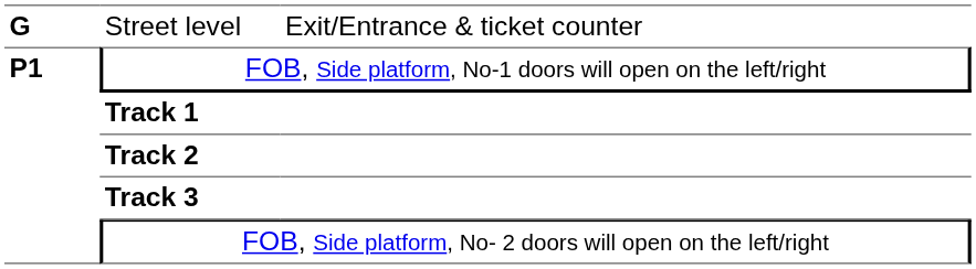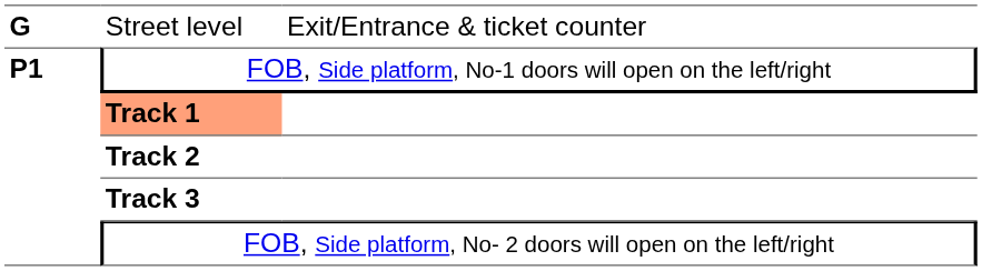 <table table border=0 cellspacing=0 cellpadding=3>
 <tr>
 <td style="border-top:solid 1px gray;" width=50 valign=top><strong>G</strong></td>
 <td style="border-top:solid 1px gray;" width=100 valign=top>Street level</td>
 <td style="border-top:solid 1px gray;" width=400 valign=top>Exit/Entrance & ticket counter</td>
 </tr>
 <tr>
 <td style="border-top:solid 1px gray;border-bottom:solid 1px gray;" width=50 rowspan=6 valign=top><strong>P1</strong></td>
 <td style="border-top:solid 1px gray;border-right:solid 2px black;border-left:solid 2px black;border-bottom:solid 2px black;text-align:center;" colspan=2><a href='#'>FOB</a>, <small><a href='#'>Side platform</a>, No-1 doors will open on the left/right</small></td>
 </tr>
 <tr>
-<td style="border-bottom:solid 1px gray;" width=100><strong>Track 1</strong></td>
+<td style="background: lightsalmon; border-bottom:solid 1px gray;" width=100><strong>Track 1</strong></td>
 <td style="border-bottom:solid 1px gray;" width=400></td>
 </tr>
 <tr>
 <td style="border-bottom:solid 1px gray;" width=100><strong>Track 2</strong></td>
 <td style="border-bottom:solid 1px gray;" width=400></td>
 </tr>
 <tr>
 <td style="border-bottom:solid 1px gray;" width=100><strong>Track 3</strong></td>
 <td style="border-bottom:solid 1px gray;" width=400></td>
 </tr>
 <tr>
 <td style="border-top:solid 1px black;border-right:solid 2px black;border-left:solid 2px black;border-bottom:solid 1px gray;text-align:center;" colspan=2><a href='#'>FOB</a>, <small><a href='#'>Side platform</a>, No- 2 doors will open on the left/right </small></td>
 </tr>
 <tr>
 </tr>
 </table>
